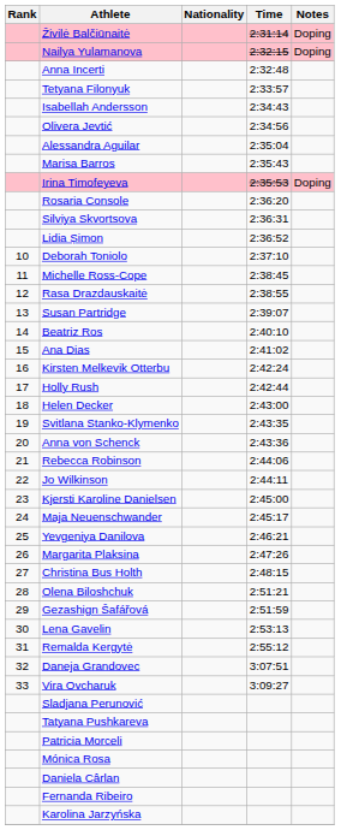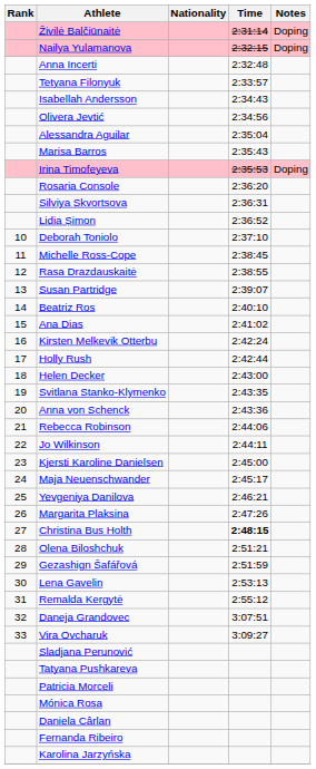 <table class="wikitable sortable" style="text-align:center">
 <tr>
 <th>Rank</th>
 <th>Athlete</th>
 <th>Nationality</th>
 <th>Time</th>
 <th>Notes</th>
 </tr>
 <tr bgcolor=pink>
 <td></td>
 <td align="left"><a href='#'>Živilė Balčiūnaitė</a></td>
 <td align=left></td>
 <td><s>2:31:14 </s></td>
 <td>Doping</td>
 </tr>
 <tr bgcolor=pink>
 <td></td>
 <td align="left"><a href='#'>Nailya Yulamanova</a></td>
 <td align=left></td>
 <td><s>2:32:15 </s></td>
 <td>Doping</td>
 </tr>
 <tr>
 <td></td>
 <td align="left"><a href='#'>Anna Incerti</a></td>
 <td align=left></td>
 <td>2:32:48</td>
 <td></td>
 </tr>
 <tr>
 <td></td>
 <td align="left"><a href='#'>Tetyana Filonyuk</a></td>
 <td align=left></td>
 <td>2:33:57</td>
 <td></td>
 </tr>
 <tr>
 <td></td>
 <td align="left"><a href='#'>Isabellah Andersson</a></td>
 <td align=left></td>
 <td>2:34:43</td>
 <td></td>
 </tr>
 <tr>
 <td></td>
 <td align="left"><a href='#'>Olivera Jevtić</a></td>
 <td align=left></td>
 <td>2:34:56</td>
 <td></td>
 </tr>
 <tr>
 <td></td>
 <td align="left"><a href='#'>Alessandra Aguilar</a></td>
 <td align=left></td>
 <td>2:35:04</td>
 <td></td>
 </tr>
 <tr>
 <td></td>
 <td align="left"><a href='#'>Marisa Barros</a></td>
 <td align=left></td>
 <td>2:35:43</td>
 <td></td>
 </tr>
 <tr bgcolor=pink>
 <td></td>
 <td align="left"><a href='#'>Irina Timofeyeva</a></td>
 <td align=left></td>
 <td><s>2:35:53 </s></td>
 <td>Doping</td>
 </tr>
 <tr>
 <td></td>
 <td align="left"><a href='#'>Rosaria Console</a></td>
 <td align=left></td>
 <td>2:36:20</td>
 <td></td>
 </tr>
 <tr>
 <td></td>
 <td align="left"><a href='#'>Silviya Skvortsova</a></td>
 <td align=left></td>
 <td>2:36:31</td>
 <td></td>
 </tr>
 <tr>
 <td></td>
 <td align="left"><a href='#'>Lidia Șimon</a></td>
 <td align=left></td>
 <td>2:36:52</td>
 <td></td>
 </tr>
 <tr>
 <td>10</td>
 <td align="left"><a href='#'>Deborah Toniolo</a></td>
 <td align=left></td>
 <td>2:37:10</td>
 <td></td>
 </tr>
 <tr>
 <td>11</td>
 <td align="left"><a href='#'>Michelle Ross-Cope</a></td>
 <td align=left></td>
 <td>2:38:45</td>
 <td></td>
 </tr>
 <tr>
 <td>12</td>
 <td align="left"><a href='#'>Rasa Drazdauskaitė</a></td>
 <td align=left></td>
 <td>2:38:55</td>
 <td></td>
 </tr>
 <tr>
 <td>13</td>
 <td align="left"><a href='#'>Susan Partridge</a></td>
 <td align=left></td>
 <td>2:39:07</td>
 <td></td>
 </tr>
 <tr>
 <td>14</td>
 <td align="left"><a href='#'>Beatriz Ros</a></td>
 <td align=left></td>
 <td>2:40:10</td>
 <td></td>
 </tr>
 <tr>
 <td>15</td>
 <td align="left"><a href='#'>Ana Dias</a></td>
 <td align=left></td>
 <td>2:41:02</td>
 <td></td>
 </tr>
 <tr>
 <td>16</td>
 <td align="left"><a href='#'>Kirsten Melkevik Otterbu</a></td>
 <td align=left></td>
 <td>2:42:24</td>
 <td></td>
 </tr>
 <tr>
 <td>17</td>
 <td align="left"><a href='#'>Holly Rush</a></td>
 <td align=left></td>
 <td>2:42:44</td>
 <td></td>
 </tr>
 <tr>
 <td>18</td>
 <td align="left"><a href='#'>Helen Decker</a></td>
 <td align=left></td>
 <td>2:43:00</td>
 <td></td>
 </tr>
 <tr>
 <td>19</td>
 <td align="left"><a href='#'>Svitlana Stanko-Klymenko</a></td>
 <td align=left></td>
 <td>2:43:35</td>
 <td></td>
 </tr>
 <tr>
 <td>20</td>
 <td align="left"><a href='#'>Anna von Schenck</a></td>
 <td align=left></td>
 <td>2:43:36</td>
 <td></td>
 </tr>
 <tr>
 <td>21</td>
 <td align="left"><a href='#'>Rebecca Robinson</a></td>
 <td align=left></td>
 <td>2:44:06</td>
 <td></td>
 </tr>
 <tr>
 <td>22</td>
 <td align="left"><a href='#'>Jo Wilkinson</a></td>
 <td align=left></td>
 <td>2:44:11</td>
 <td></td>
 </tr>
 <tr>
 <td>23</td>
 <td align="left"><a href='#'>Kjersti Karoline Danielsen</a></td>
 <td align=left></td>
 <td>2:45:00</td>
 <td></td>
 </tr>
 <tr>
 <td>24</td>
 <td align="left"><a href='#'>Maja Neuenschwander</a></td>
 <td align=left></td>
 <td>2:45:17</td>
 <td></td>
 </tr>
 <tr>
 <td>25</td>
 <td align="left"><a href='#'>Yevgeniya Danilova</a></td>
 <td align=left></td>
 <td>2:46:21</td>
 <td></td>
 </tr>
 <tr>
 <td>26</td>
 <td align="left"><a href='#'>Margarita Plaksina</a></td>
 <td align=left></td>
 <td>2:47:26</td>
 <td></td>
 </tr>
 <tr>
 <td>27</td>
 <td align="left"><a href='#'>Christina Bus Holth</a></td>
 <td align=left></td>
-<td>2:48:15</td>
+<td><strong>2:48:15</strong></td>
 <td></td>
 </tr>
 <tr>
 <td>28</td>
 <td align="left"><a href='#'>Olena Biloshchuk</a></td>
 <td align=left></td>
 <td>2:51:21</td>
 <td></td>
 </tr>
 <tr>
 <td>29</td>
 <td align="left"><a href='#'>Gezashign Šafářová</a></td>
 <td align=left></td>
 <td>2:51:59</td>
 <td></td>
 </tr>
 <tr>
 <td>30</td>
 <td align="left"><a href='#'>Lena Gavelin</a></td>
 <td align=left></td>
 <td>2:53:13</td>
 <td></td>
 </tr>
 <tr>
 <td>31</td>
 <td align="left"><a href='#'>Remalda Kergytė</a></td>
 <td align=left></td>
 <td>2:55:12</td>
 <td></td>
 </tr>
 <tr>
 <td>32</td>
 <td align="left"><a href='#'>Daneja Grandovec</a></td>
 <td align=left></td>
 <td>3:07:51</td>
 <td></td>
 </tr>
 <tr>
 <td>33</td>
 <td align="left"><a href='#'>Vira Ovcharuk</a></td>
 <td align=left></td>
 <td>3:09:27</td>
 <td></td>
 </tr>
 <tr>
 <td></td>
 <td align="left"><a href='#'>Sladjana Perunović</a></td>
 <td align=left></td>
 <td></td>
 <td></td>
 </tr>
 <tr>
 <td></td>
 <td align="left"><a href='#'>Tatyana Pushkareva</a></td>
 <td align=left></td>
 <td></td>
 <td></td>
 </tr>
 <tr>
 <td></td>
 <td align="left"><a href='#'>Patricia Morceli</a></td>
 <td align=left></td>
 <td></td>
 <td></td>
 </tr>
 <tr>
 <td></td>
 <td align="left"><a href='#'>Mónica Rosa</a></td>
 <td align=left></td>
 <td></td>
 <td></td>
 </tr>
 <tr>
 <td></td>
 <td align="left"><a href='#'>Daniela Cârlan</a></td>
 <td align=left></td>
 <td></td>
 <td></td>
 </tr>
 <tr>
 <td></td>
 <td align="left"><a href='#'>Fernanda Ribeiro</a></td>
 <td align=left></td>
 <td></td>
 <td></td>
 </tr>
 <tr>
 <td></td>
 <td align="left"><a href='#'>Karolina Jarzyńska</a></td>
 <td align=left></td>
 <td></td>
 <td></td>
 </tr>
 <tr>
 </tr>
 </table>
